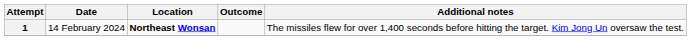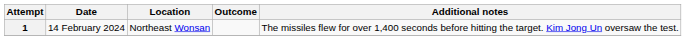 <table class="wikitable">
 <tr>
 <th scope="col">Attempt</th>
 <th scope="col">Date</th>
 <th scope="col">Location</th>
 <th scope="col">Outcome</th>
 <th scope="col">Additional notes</th>
 </tr>
 <tr>
 <th scope="row">1</th>
 <td>14 February 2024</td>
-<td><strong>Northeast <a href='#'>Wonsan</a></strong></td>
+<td>Northeast <a href='#'>Wonsan</a></td>
 <td></td>
 <td>The missiles flew for over 1,400 seconds before hitting the target. <a href='#'>Kim Jong Un</a> oversaw the test.</td>
 </tr>
 <tr>
 </tr>
 </table>
